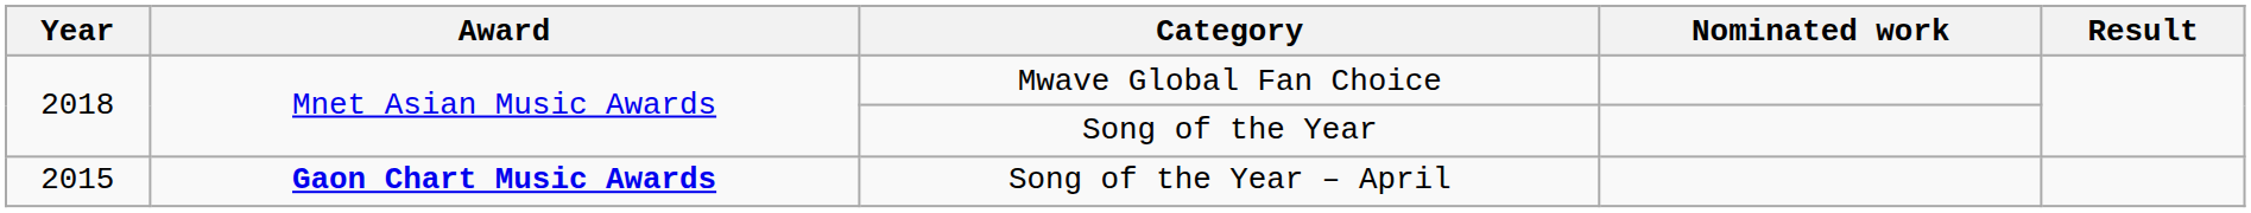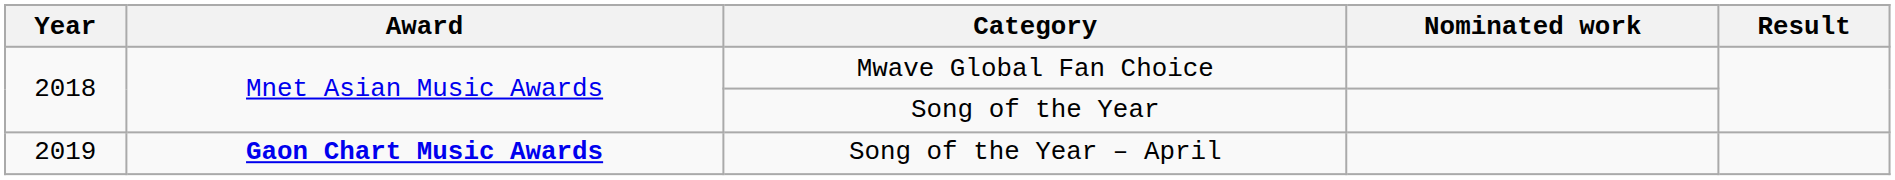 <table width="75%" class="wikitable" style="text-align:center">
 <tr>
 <th>Year</th>
 <th>Award</th>
 <th>Category</th>
 <th>Nominated work</th>
 <th>Result</th>
 </tr>
 <tr>
 <td align="center" rowspan="2">2018</td>
 <td align="center" rowspan="2"><a href='#'>Mnet Asian Music Awards</a></td>
 <td align="center">Mwave Global Fan Choice</td>
 <td></td>
 <td align="center" rowspan="2"></td>
 </tr>
 <tr>
 <td align="center">Song of the Year</td>
 <td></td>
 </tr>
 <tr>
-<td align="center" rowspan="1">2015</td>
+<td align="center" rowspan="1">2019</td>
 <td align="center"><strong><a href='#'>Gaon Chart Music Awards</a></strong></td>
 <td align="center">Song of the Year – April</td>
 <td></td>
 <td align="center"></td>
 </tr>
 </table>
